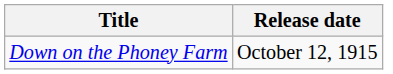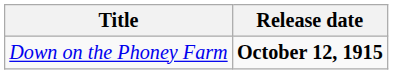 <table class="wikitable">
 <tr>
 <th>Title</th>
 <th>Release date</th>
 </tr>
 <tr>
 <td><em><a href='#'>Down on the Phoney Farm</a></em></td>
-<td>October 12, 1915</td>
+<td><strong>October 12, 1915</strong></td>
 </tr>
 </table>
